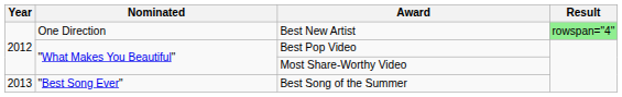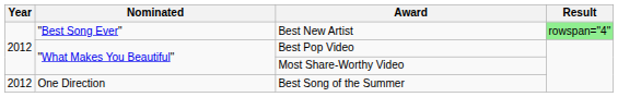 <table class="wikitable" style="width:100%;">
 <tr>
 <th width=5%>Year</th>
 <th style="width:40%;">Nominated</th>
 <th style="width:45%;">Award</th>
 <th style="width:10%;">Result</th>
 </tr>
 <tr>
 <td rowspan="3">2012</td>
-<td>One Direction</td>
+<td>"<a href='#'>Best Song Ever</a>"</td>
 <td>Best New Artist</td>
 <td style="background: lightgreen;">rowspan="4" </td>
 </tr>
 <tr>
 <td rowspan="2">"<a href='#'>What Makes You Beautiful</a>"</td>
 <td>Best Pop Video</td>
 </tr>
 <tr>
 <td>Most Share-Worthy Video</td>
 </tr>
 <tr>
-<td>2013</td>
-<td>"<a href='#'>Best Song Ever</a>"</td>
+<td>2012</td>
+<td>One Direction</td>
 <td>Best Song of the Summer</td>
 </tr>
 </table>
